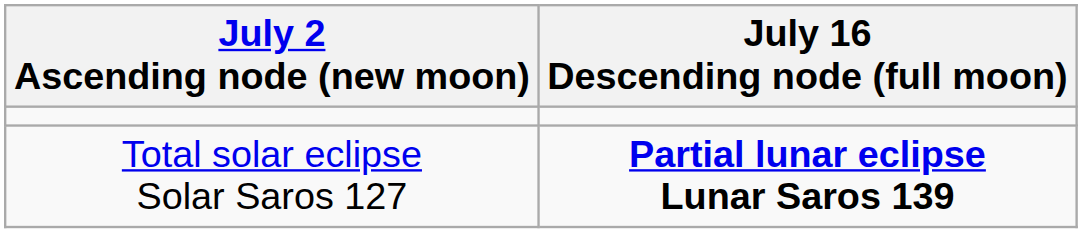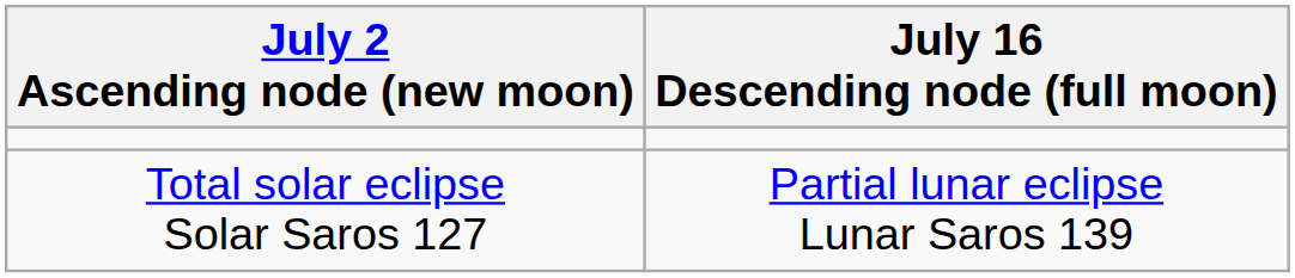 <table class="wikitable">
 <tr>
 <th><a href='#'>July 2</a><br>Ascending node (new moon)<br></th>
 <th>July 16<br>Descending node (full moon)<br></th>
 </tr>
 <tr>
 <td></td>
 <td></td>
 </tr>
 <tr align=center>
 <td><a href='#'>Total solar eclipse</a><br>Solar Saros 127</td>
-<td><strong><a href='#'>Partial lunar eclipse</a><br>Lunar Saros 139</strong></td>
+<td><a href='#'>Partial lunar eclipse</a><br>Lunar Saros 139</td>
 </tr>
 </table>
